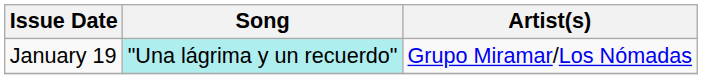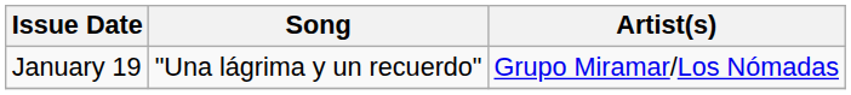 <table class="wikitable">
 <tr>
 <th>Issue Date</th>
 <th>Song</th>
 <th>Artist(s)</th>
 </tr>
 <tr>
 <td>January 19</td>
-<td align="center" style="background: paleturquoise;">"Una lágrima y un recuerdo"</td>
+<td align="center">"Una lágrima y un recuerdo"</td>
 <td align="center"><a href='#'>Grupo Miramar</a>/<a href='#'>Los Nómadas</a></td>
 </tr>
 <tr>
 </tr>
 </table>
